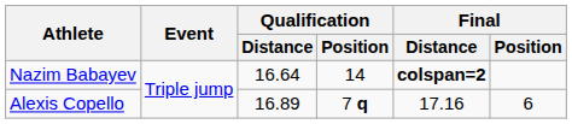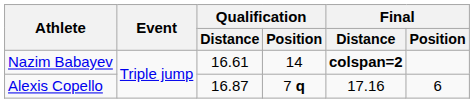 <table class=wikitable style=font-size:90%>
 <tr>
 <th rowspan=2>Athlete</th>
 <th rowspan=2>Event</th>
 <th colspan=2>Qualification</th>
 <th colspan=2>Final</th>
 </tr>
 <tr style=font-size:95%>
 <th>Distance</th>
 <th>Position</th>
 <th>Distance</th>
 <th>Position</th>
 </tr>
 <tr align=center>
 <td align=left><a href='#'>Nazim Babayev</a></td>
 <td style=text-align:center rowspan=2><a href='#'>Triple jump</a></td>
-<td>16.64</td>
+<td>16.61</td>
 <td>14</td>
 <td><strong>colspan=2 </strong></td>
 </tr>
 <tr align=center>
 <td align=left><a href='#'>Alexis Copello</a></td>
-<td>16.89</td>
+<td>16.87</td>
 <td>7 <strong>q</strong></td>
 <td>17.16 <strong></strong></td>
 <td>6</td>
 </tr>
 </table>
